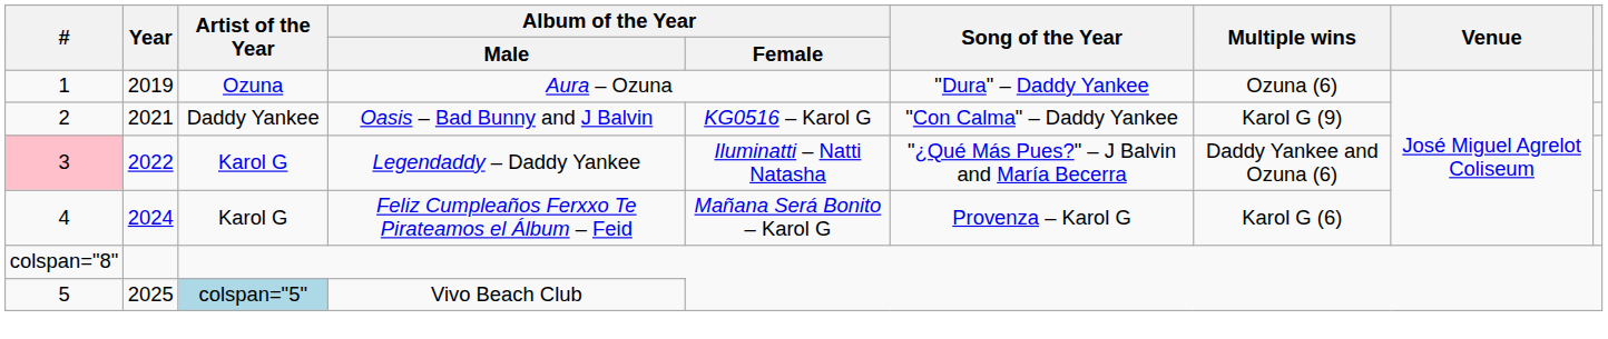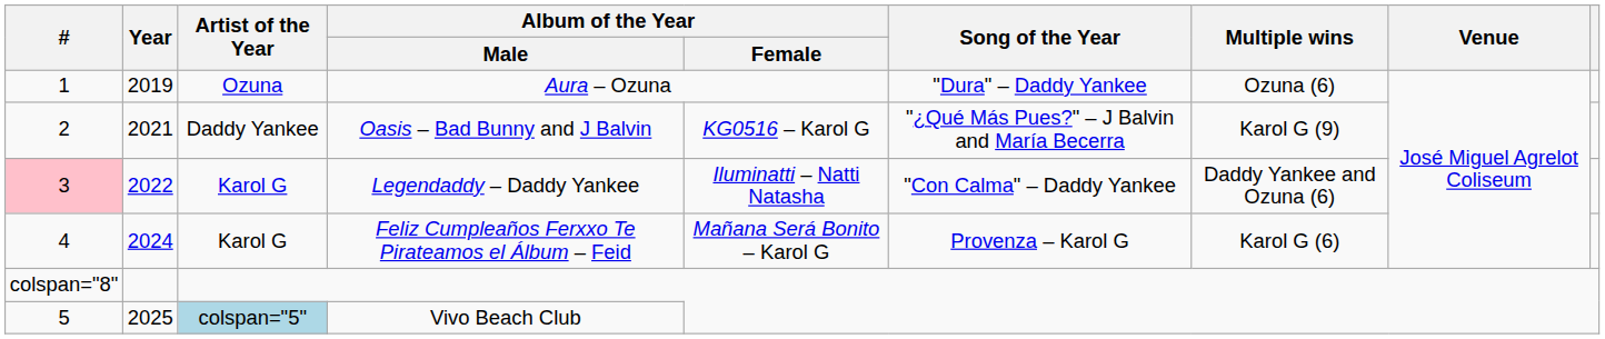 <table class="wikitable" style="text-align:center;">
 <tr>
 <th rowspan="2">#</th>
 <th rowspan="2">Year</th>
 <th rowspan="2">Artist of the Year</th>
 <th colspan="2">Album of the Year</th>
 <th rowspan="2">Song of the Year</th>
 <th rowspan="2">Multiple wins</th>
 <th rowspan="2">Venue</th>
 <th rowspan="2"></th>
 </tr>
 <tr>
 <th>Male</th>
 <th>Female</th>
 </tr>
 <tr>
 <td>1</td>
 <td>2019</td>
 <td><a href='#'>Ozuna</a></td>
 <td colspan="2"><em><a href='#'>Aura</a></em> – Ozuna</td>
 <td>"<a href='#'>Dura</a>" – <a href='#'>Daddy Yankee</a></td>
 <td>Ozuna (6)</td>
 <td rowspan="4"><a href='#'>José Miguel Agrelot Coliseum</a></td>
 <td></td>
 </tr>
 <tr>
 <td>2</td>
 <td>2021</td>
 <td>Daddy Yankee</td>
 <td><em><a href='#'>Oasis</a></em> – <a href='#'>Bad Bunny</a> and <a href='#'>J Balvin</a></td>
 <td><em><a href='#'>KG0516</a></em> – Karol G</td>
-<td>"<a href='#'>Con Calma</a>" – Daddy Yankee</td>
+<td>"<a href='#'>¿Qué Más Pues?</a>" – J Balvin and <a href='#'>María Becerra</a></td>
 <td>Karol G (9)</td>
 <td></td>
 </tr>
 <tr>
 <td style="background: pink;">3</td>
 <td><a href='#'>2022</a></td>
 <td><a href='#'>Karol G</a></td>
 <td><em><a href='#'>Legendaddy</a></em> – Daddy Yankee</td>
 <td><em><a href='#'>Iluminatti</a></em> – <a href='#'>Natti Natasha</a></td>
-<td>"<a href='#'>¿Qué Más Pues?</a>" – J Balvin and <a href='#'>María Becerra</a></td>
+<td>"<a href='#'>Con Calma</a>" – Daddy Yankee</td>
 <td>Daddy Yankee and Ozuna (6)</td>
 <td></td>
 </tr>
 <tr>
 <td>4</td>
 <td><a href='#'>2024</a></td>
 <td>Karol G</td>
 <td><em><a href='#'>Feliz Cumpleaños Ferxxo Te Pirateamos el Álbum</a></em> – <a href='#'>Feid</a></td>
 <td><em><a href='#'>Mañana Será Bonito</a></em> – Karol G</td>
 <td><a href='#'>Provenza</a> – Karol G</td>
 <td>Karol G (6)</td>
 <td></td>
 </tr>
 <tr>
 <td>colspan="8" </td>
 <td></td>
 </tr>
 <tr>
 <td>5</td>
 <td>2025</td>
 <td style="background: lightblue;">colspan="5" </td>
 <td>Vivo Beach Club</td>
 </tr>
 </table>
